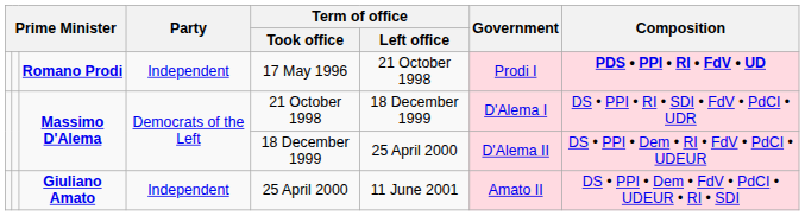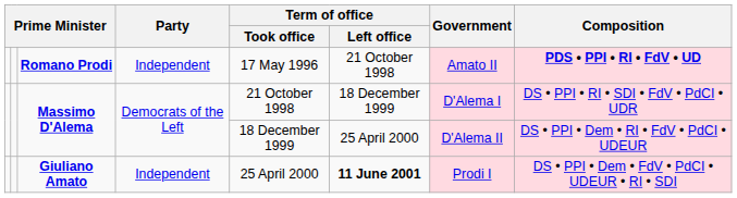 <table class="wikitable" style="text-align:center">
 <tr>
 <th colspan=3 rowspan=2>Prime Minister</th>
 <th rowspan=2>Party</th>
 <th colspan=2>Term of office</th>
 <th rowspan=2>Government</th>
 <th rowspan=2>Composition</th>
 </tr>
 <tr>
 <th>Took office</th>
 <th>Left office</th>
 </tr>
 <tr>
 <td style="background:"></td>
 <td></td>
 <td><strong><a href='#'>Romano Prodi</a></strong><br></td>
 <td><a href='#'>Independent</a></td>
 <td class="nowrap">17 May 1996</td>
 <td class="nowrap">21 October 1998</td>
-<td bgcolor=#FFDAE1><a href='#'>Prodi I</a></td>
+<td bgcolor=#FFDAE1><a href='#'>Amato II</a></td>
 <td bgcolor=#FFDAE1><strong><a href='#'>PDS</a> • <a href='#'>PPI</a> • <a href='#'>RI</a> • <a href='#'>FdV</a> • <a href='#'>UD</a><br><br></strong></td>
 </tr>
 <tr>
 <td rowspan=2 style="background:"></td>
 <td rowspan=2></td>
 <td rowspan=2><strong><a href='#'>Massimo D'Alema</a></strong><br></td>
 <td rowspan=2><a href='#'>Democrats of the Left</a></td>
 <td class="nowrap">21 October 1998</td>
 <td class="nowrap">18 December 1999</td>
 <td bgcolor=#FFDAE1><a href='#'>D'Alema I</a></td>
 <td bgcolor=#FFDAE1><a href='#'>DS</a> • <a href='#'>PPI</a> • <a href='#'>RI</a> • <a href='#'>SDI</a> • <a href='#'>FdV</a> • <a href='#'>PdCI</a> • <a href='#'>UDR</a> <br></td>
 </tr>
 <tr>
 <td class="nowrap">18 December 1999</td>
 <td class="nowrap">25 April 2000</td>
 <td bgcolor=#FFDAE1><a href='#'>D'Alema II</a></td>
 <td bgcolor=#FFDAE1><a href='#'>DS</a> • <a href='#'>PPI</a> • <a href='#'>Dem</a> • <a href='#'>RI</a> • <a href='#'>FdV</a> • <a href='#'>PdCI</a> • <a href='#'>UDEUR</a> <br></td>
 </tr>
 <tr>
 <td style="background:"></td>
 <td></td>
 <td><strong><a href='#'>Giuliano Amato</a></strong><br></td>
 <td><a href='#'>Independent</a></td>
 <td>25 April 2000</td>
-<td>11 June 2001</td>
-<td bgcolor=#FFDAE1><a href='#'>Amato II</a></td>
+<td><strong>11 June 2001</strong></td>
+<td bgcolor=#FFDAE1><a href='#'>Prodi I</a></td>
 <td bgcolor=#FFDAE1><a href='#'>DS</a> • <a href='#'>PPI</a> • <a href='#'>Dem</a> • <a href='#'>FdV</a> • <a href='#'>PdCI</a> • <a href='#'>UDEUR</a> • <a href='#'>RI</a> • <a href='#'>SDI</a> <br></td>
 </tr>
 </table>
